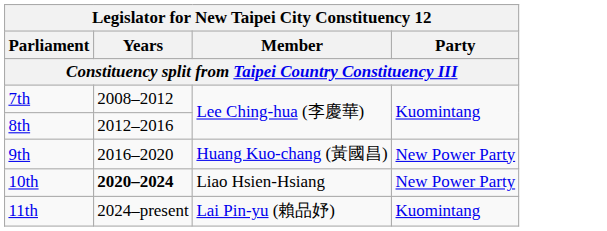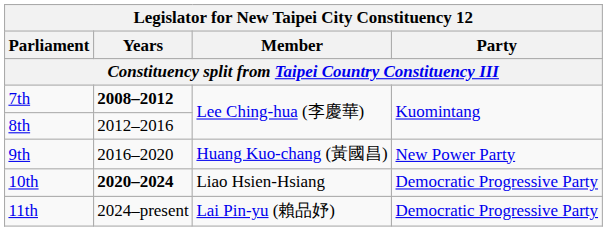 <table class=wikitable>
 <tr>
 <th colspan="4">Legislator for New Taipei City Constituency 12</th>
 </tr>
 <tr>
 <th>Parliament</th>
 <th>Years</th>
 <th>Member</th>
 <th>Party</th>
 </tr>
 <tr>
 <th colspan=4 align=center><em>Constituency split from <a href='#'>Taipei Country Constituency III</a> </em></th>
 </tr>
 <tr>
 <td><a href='#'>7th</a></td>
-<td>2008–2012</td>
+<td><strong>2008–2012</strong></td>
 <td rowspan=2><a href='#'>Lee Ching-hua</a> (李慶華)</td>
 <td rowspan=2 bgcolor=><a href='#'>Kuomintang</a></td>
 </tr>
 <tr>
 <td><a href='#'>8th</a></td>
 <td>2012–2016</td>
 </tr>
 <tr>
 <td><a href='#'>9th</a></td>
 <td>2016–2020</td>
 <td><a href='#'>Huang Kuo-chang</a> (黃國昌)</td>
 <td bgcolor=><a href='#'>New Power Party</a></td>
 </tr>
 <tr>
 <td><a href='#'>10th</a></td>
 <td><strong>2020–2024</strong></td>
 <td>Liao Hsien-Hsiang</td>
-<td bgcolor=><a href='#'>New Power Party</a></td>
+<td><a href='#'>Democratic Progressive Party</a></td>
 </tr>
 <tr>
 <td><a href='#'>11th</a></td>
 <td>2024–present</td>
 <td><a href='#'>Lai Pin-yu</a> (賴品妤)</td>
-<td><a href='#'>Kuomintang</a></td>
+<td><a href='#'>Democratic Progressive Party</a></td>
 </tr>
 </table>
